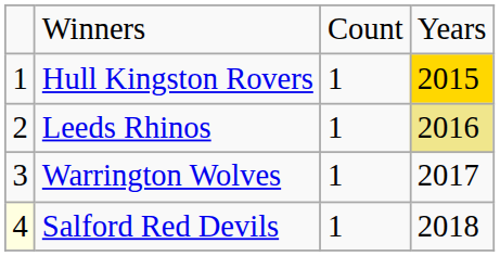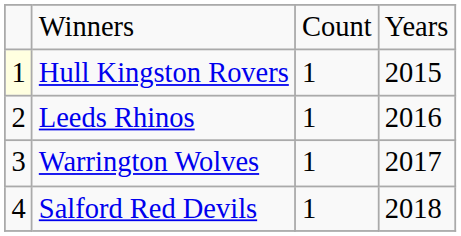 <table class="wikitable defaultcenter col2left">
 <tr>
 <td></td>
 <td>Winners</td>
 <td>Count</td>
 <td>Years</td>
 </tr>
 <tr>
-<td>1</td>
+<td style="background: lightyellow;">1</td>
 <td> <a href='#'>Hull Kingston Rovers</a></td>
 <td>1</td>
-<td style="background: gold;">2015</td>
+<td>2015</td>
 </tr>
 <tr>
 <td>2</td>
 <td> <a href='#'>Leeds Rhinos</a></td>
 <td>1</td>
-<td style="background: khaki;">2016</td>
+<td>2016</td>
 </tr>
 <tr>
 <td>3</td>
 <td> <a href='#'>Warrington Wolves</a></td>
 <td>1</td>
 <td>2017</td>
 </tr>
 <tr>
-<td style="background: lightyellow;">4</td>
+<td>4</td>
 <td> <a href='#'>Salford Red Devils</a></td>
 <td>1</td>
 <td>2018</td>
 </tr>
 </table>
